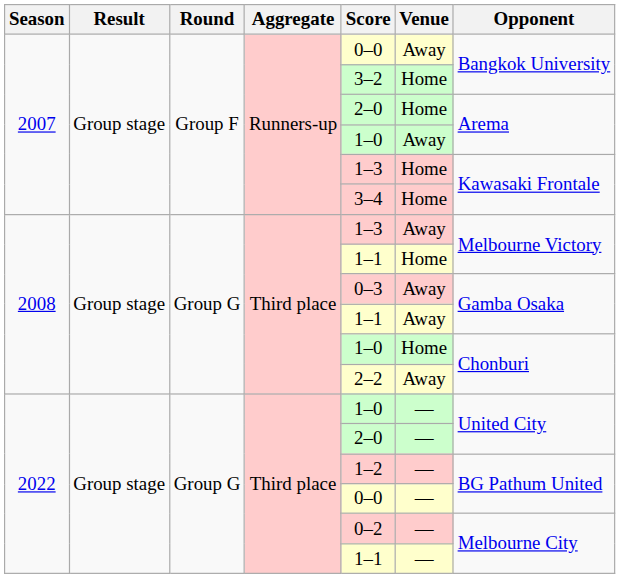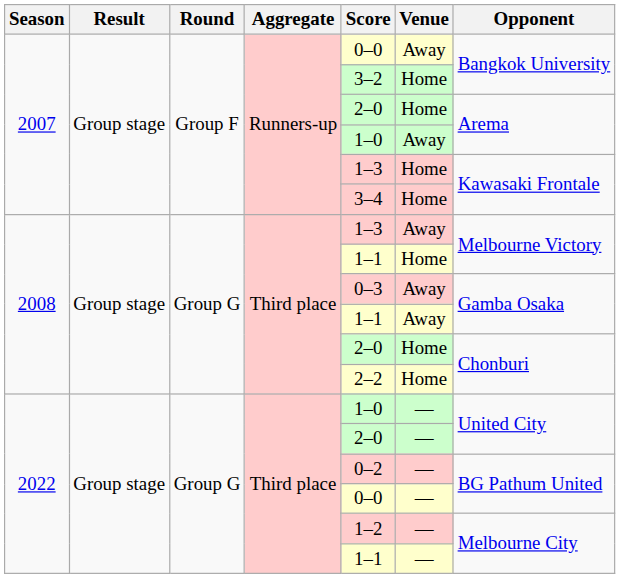 <table class="wikitable" style="text-align:center">
 <tr>
 <th>Season</th>
 <th>Result</th>
 <th>Round</th>
 <th>Aggregate</th>
 <th>Score</th>
 <th>Venue</th>
 <th>Opponent</th>
 </tr>
 <tr>
 <td rowspan="6"><a href='#'>2007</a></td>
 <td rowspan="6">Group stage</td>
 <td rowspan="6">Group F</td>
 <td rowspan="6" style="background:#fcc">Runners-up</td>
 <td style="background:#ffc">0–0</td>
 <td style="background:#ffc">Away</td>
 <td rowspan="2" align="left"> <a href='#'>Bangkok University</a></td>
 </tr>
 <tr>
 <td style="background:#cfc">3–2</td>
 <td style="background:#cfc">Home</td>
 </tr>
 <tr>
 <td style="background:#cfc">2–0</td>
 <td style="background:#cfc">Home</td>
 <td rowspan="2" align="left"> <a href='#'>Arema</a></td>
 </tr>
 <tr>
 <td style="background:#cfc">1–0</td>
 <td style="background:#cfc">Away</td>
 </tr>
 <tr>
 <td style="background:#fcc">1–3</td>
 <td style="background:#fcc">Home</td>
 <td rowspan="2" align="left"> <a href='#'>Kawasaki Frontale</a></td>
 </tr>
 <tr>
 <td style="background:#fcc">3–4</td>
 <td style="background:#fcc">Home</td>
 </tr>
 <tr>
 <td rowspan="6"><a href='#'>2008</a></td>
 <td rowspan="6">Group stage</td>
 <td rowspan="6">Group G</td>
 <td rowspan="6" style="background:#fcc">Third place</td>
 <td style="background:#fcc">1–3</td>
 <td style="background:#fcc">Away</td>
 <td rowspan="2" align="left"> <a href='#'>Melbourne Victory</a></td>
 </tr>
 <tr>
 <td style="background:#ffc">1–1</td>
 <td style="background:#ffc">Home</td>
 </tr>
 <tr>
 <td style="background:#fcc">0–3</td>
 <td style="background:#fcc">Away</td>
 <td rowspan="2" align="left"> <a href='#'>Gamba Osaka</a></td>
 </tr>
 <tr>
 <td style="background:#ffc">1–1</td>
 <td style="background:#ffc">Away</td>
 </tr>
 <tr>
-<td style="background:#cfc">1–0</td>
+<td style="background:#cfc">2–0</td>
 <td style="background:#cfc">Home</td>
 <td rowspan="2" align="left"> <a href='#'>Chonburi</a></td>
 </tr>
 <tr>
 <td style="background:#ffc">2–2</td>
-<td style="background:#ffc">Away</td>
+<td style="background:#ffc">Home</td>
 </tr>
 <tr>
 <td rowspan="6"><a href='#'>2022</a></td>
 <td rowspan="6">Group stage</td>
 <td rowspan="6">Group G</td>
 <td rowspan="6" style="background:#fcc">Third place</td>
 <td style="background:#cfc">1–0</td>
 <td style="background:#cfc">—</td>
 <td rowspan="2" align="left"> <a href='#'>United City</a></td>
 </tr>
 <tr>
 <td style="background:#cfc">2–0</td>
 <td style="background:#cfc">—</td>
 </tr>
 <tr>
-<td style="background:#fcc">1–2</td>
+<td style="background:#fcc">0–2</td>
 <td style="background:#fcc">—</td>
 <td rowspan="2" align="left"> <a href='#'>BG Pathum United</a></td>
 </tr>
 <tr>
 <td style="background:#ffc">0–0</td>
 <td style="background:#ffc">—</td>
 </tr>
 <tr>
-<td style="background:#fcc">0–2</td>
+<td style="background:#fcc">1–2</td>
 <td style="background:#fcc">—</td>
 <td rowspan="2" align="left"> <a href='#'>Melbourne City</a></td>
 </tr>
 <tr>
 <td style="background:#ffc">1–1</td>
 <td style="background:#ffc">—</td>
 </tr>
 </table>
